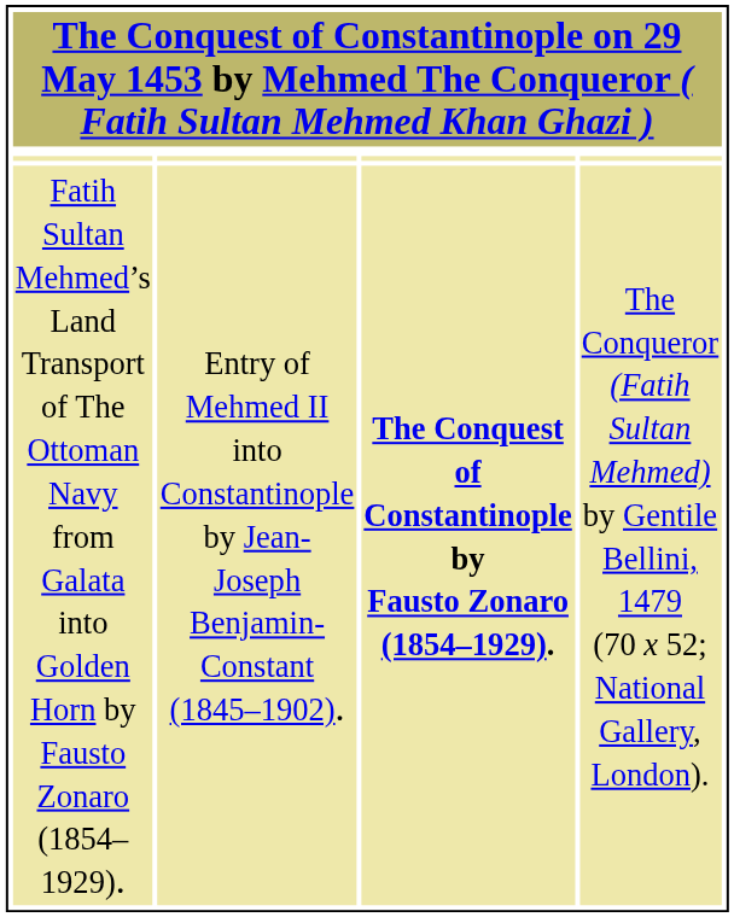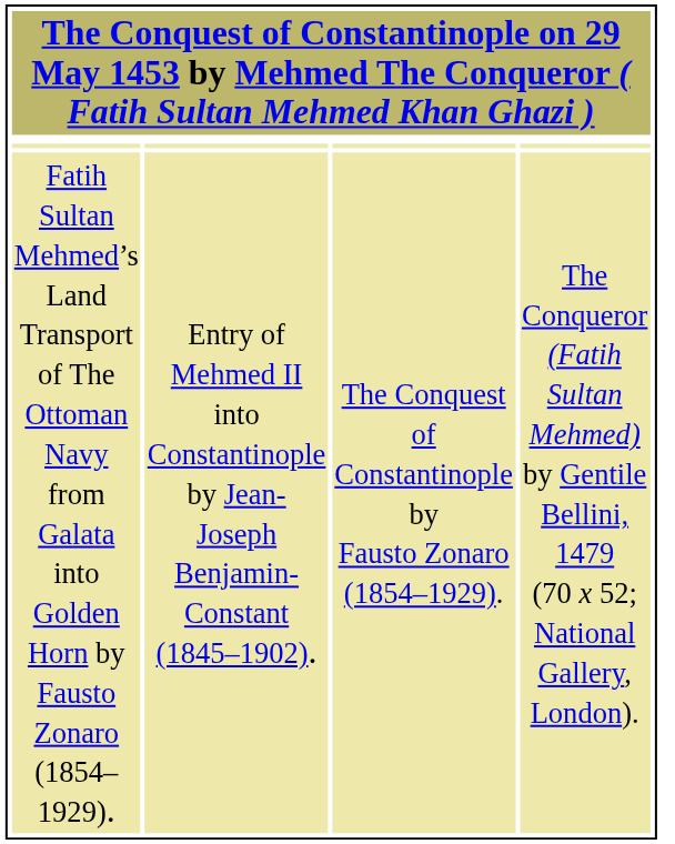 <table style="border: 1px black solid; margin-left:1em; text-align: left;" align="center" width="100">
 <tr>
 <th colspan="4" style="background:DarkKhaki" align="center"><strong><a href='#'>The Conquest of Constantinople on 29 May 1453</a> by <a href='#'>Mehmed The Conqueror <em>( Fatih Sultan Mehmed Khan Ghazi )</em></a></strong></th>
 </tr>
 <tr style="background:PaleGoldenrod" align="center">
 </tr>
 <tr style="background:PaleGoldenrod" align="center">
 <td></td>
 <td></td>
 <td></td>
 <td></td>
 </tr>
 <tr style="background:PaleGoldenrod" align="center">
 <td><small><a href='#'>Fatih Sultan Mehmed</a>’s Land Transport of The <a href='#'>Ottoman Navy</a> from <a href='#'>Galata</a> into <a href='#'>Golden Horn</a> by <a href='#'>Fausto Zonaro</a> (1854–1929)</small>.</td>
 <td><small>Entry of <a href='#'>Mehmed II</a> into <a href='#'>Constantinople</a> by <a href='#'>Jean-Joseph Benjamin-Constant (1845–1902)</a></small>.</td>
-<td><strong><small><a href='#'>The Conquest of Constantinople</a> by<br><a href='#'>Fausto Zonaro (1854–1929)</a>.</small></strong></td>
+<td><small><a href='#'>The Conquest of Constantinople</a> by<br><a href='#'>Fausto Zonaro (1854–1929)</a>.</small></td>
 <td><small><a href='#'>The Conqueror <em>(Fatih Sultan Mehmed)</em></a> by <a href='#'>Gentile Bellini, 1479</a><br>(70 <em>x</em> 52; <a href='#'>National Gallery</a>, <a href='#'>London</a>).</small></td>
 </tr>
 </table>
